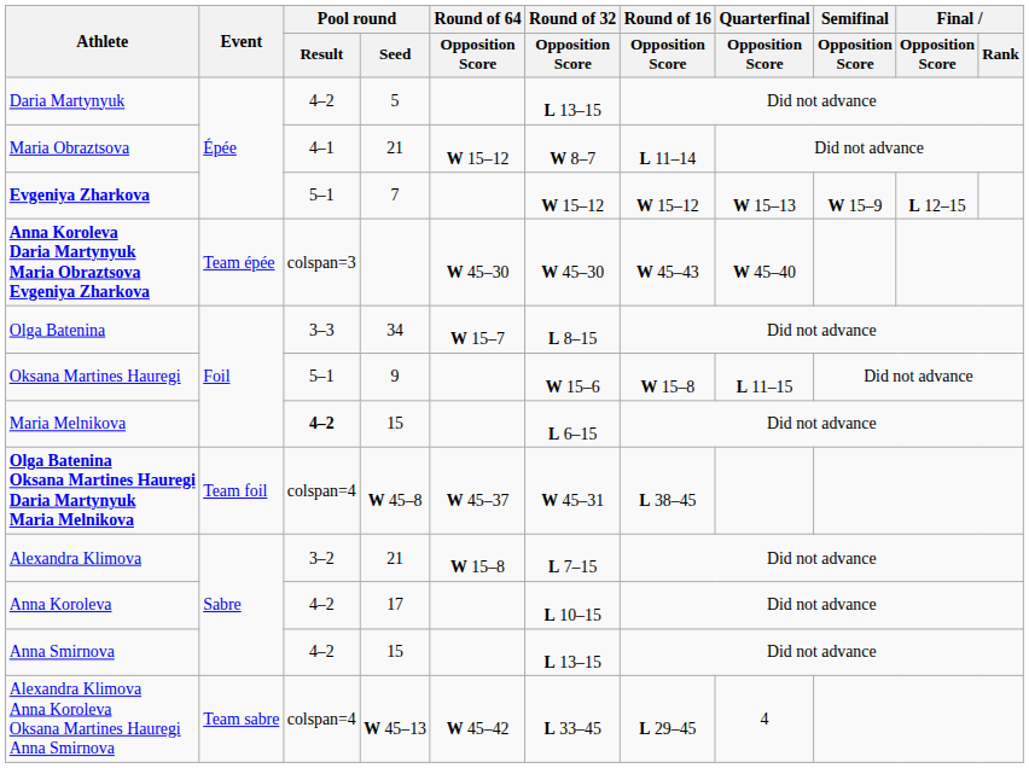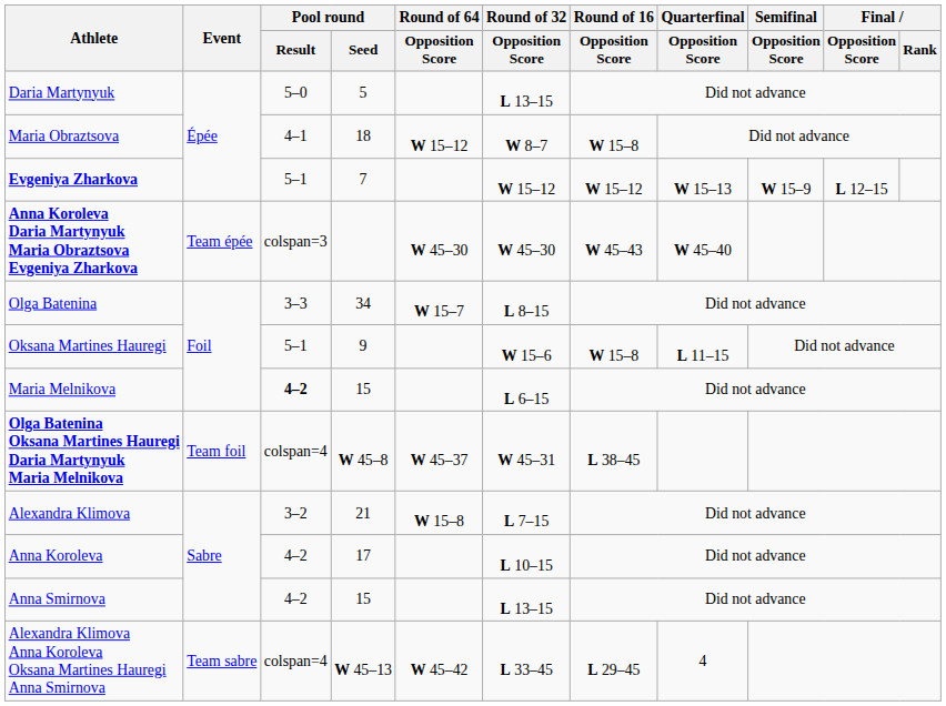 <table class="wikitable" style="text-align:center; font-size:90%">
 <tr>
 <th rowspan=2>Athlete</th>
 <th rowspan=2>Event</th>
 <th colspan=2>Pool round</th>
 <th>Round of 64</th>
 <th>Round of 32</th>
 <th>Round of 16</th>
 <th>Quarterfinal</th>
 <th>Semifinal</th>
 <th colspan=2>Final / </th>
 </tr>
 <tr style="font-size:95%">
 <th>Result</th>
 <th>Seed</th>
 <th>Opposition<br>Score</th>
 <th>Opposition<br>Score</th>
 <th>Opposition<br>Score</th>
 <th>Opposition<br>Score</th>
 <th>Opposition<br>Score</th>
 <th>Opposition<br>Score</th>
 <th>Rank</th>
 </tr>
 <tr>
 <td align=left><a href='#'>Daria Martynyuk</a></td>
 <td rowspan=3 align=left><a href='#'>Épée</a></td>
-<td>4–2</td>
+<td>5–0</td>
 <td>5</td>
 <td></td>
 <td><br><strong>L</strong> 13–15</td>
 <td colspan=5>Did not advance</td>
 </tr>
 <tr>
 <td align=left><a href='#'>Maria Obraztsova</a></td>
 <td>4–1</td>
-<td>21</td>
+<td>18</td>
 <td><br><strong>W</strong> 15–12</td>
 <td><br><strong>W</strong> 8–7</td>
-<td><br><strong>L</strong> 11–14</td>
+<td><br><strong>W</strong> 15–8</td>
 <td colspan=4>Did not advance</td>
 </tr>
 <tr>
 <td align=left><strong><a href='#'>Evgeniya Zharkova</a></strong></td>
 <td>5–1</td>
 <td>7</td>
 <td></td>
 <td><br><strong>W</strong> 15–12</td>
 <td><br><strong>W</strong> 15–12</td>
 <td><br><strong>W</strong> 15–13</td>
 <td><br><strong>W</strong> 15–9</td>
 <td><br><strong>L</strong> 12–15</td>
 <td></td>
 </tr>
 <tr>
 <td align=left><strong><a href='#'>Anna Koroleva</a><br><a href='#'>Daria Martynyuk</a><br><a href='#'>Maria Obraztsova</a><br><a href='#'>Evgeniya Zharkova</a></strong></td>
 <td align=left><a href='#'>Team épée</a></td>
 <td>colspan=3 </td>
 <td></td>
 <td><br><strong>W</strong> 45–30</td>
 <td><br><strong>W</strong> 45–30</td>
 <td><br><strong>W</strong> 45–43</td>
 <td><br><strong>W</strong> 45–40</td>
 <td></td>
 </tr>
 <tr>
 <td align=left><a href='#'>Olga Batenina</a></td>
 <td rowspan=3 align=left><a href='#'>Foil</a></td>
 <td>3–3</td>
 <td>34</td>
 <td><br><strong>W</strong> 15–7</td>
 <td><br><strong>L</strong> 8–15</td>
 <td colspan=5>Did not advance</td>
 </tr>
 <tr>
 <td align=left><a href='#'>Oksana Martines Hauregi</a></td>
 <td>5–1</td>
 <td>9</td>
 <td></td>
 <td><br><strong>W</strong> 15–6</td>
 <td><br><strong>W</strong> 15–8</td>
 <td><br><strong>L</strong> 11–15</td>
 <td colspan=3>Did not advance</td>
 </tr>
 <tr>
 <td align=left><a href='#'>Maria Melnikova</a></td>
 <td><strong>4–2</strong></td>
 <td>15</td>
 <td></td>
 <td><br><strong>L</strong> 6–15</td>
 <td colspan=5>Did not advance</td>
 </tr>
 <tr>
 <td align=left><strong><a href='#'>Olga Batenina</a><br><a href='#'>Oksana Martines Hauregi</a><br><a href='#'>Daria Martynyuk</a><br><a href='#'>Maria Melnikova</a></strong></td>
 <td align=left><a href='#'>Team foil</a></td>
 <td>colspan=4 </td>
 <td><br><strong>W</strong> 45–8</td>
 <td><br><strong>W</strong> 45–37</td>
 <td><br><strong>W</strong> 45–31</td>
 <td><br><strong>L</strong> 38–45</td>
 <td></td>
 </tr>
 <tr>
 <td align=left><a href='#'>Alexandra Klimova</a></td>
 <td rowspan=3 align=left><a href='#'>Sabre</a></td>
 <td>3–2</td>
 <td>21</td>
 <td><br><strong>W</strong> 15–8</td>
 <td><br><strong>L</strong> 7–15</td>
 <td colspan=5>Did not advance</td>
 </tr>
 <tr>
 <td align=left><a href='#'>Anna Koroleva</a></td>
 <td>4–2</td>
 <td>17</td>
 <td></td>
 <td><br><strong>L</strong> 10–15</td>
 <td colspan=5>Did not advance</td>
 </tr>
 <tr>
 <td align=left><a href='#'>Anna Smirnova</a></td>
 <td>4–2</td>
 <td>15</td>
 <td></td>
 <td><br><strong>L</strong> 13–15</td>
 <td colspan=5>Did not advance</td>
 </tr>
 <tr>
 <td align=left><a href='#'>Alexandra Klimova</a><br><a href='#'>Anna Koroleva</a><br><a href='#'>Oksana Martines Hauregi</a><br><a href='#'>Anna Smirnova</a></td>
 <td align=left><a href='#'>Team sabre</a></td>
 <td>colspan=4 </td>
 <td><br><strong>W</strong> 45–13</td>
 <td><br><strong>W</strong> 45–42</td>
 <td><br><strong>L</strong> 33–45</td>
 <td><br><strong>L</strong> 29–45</td>
 <td>4</td>
 </tr>
 </table>
